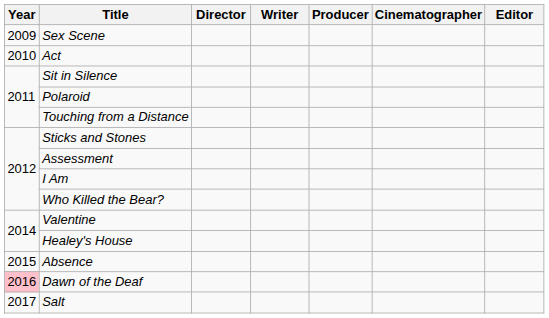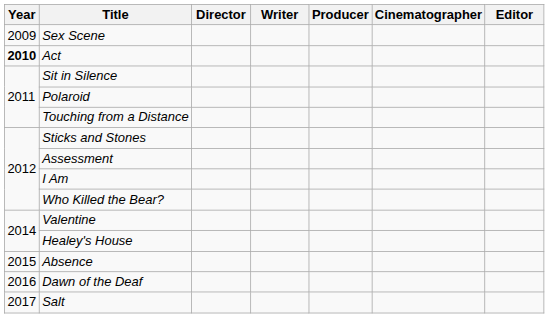 <table class="wikitable sortable">
 <tr>
 <th>Year</th>
 <th>Title</th>
 <th width=65>Director</th>
 <th width=65>Writer</th>
 <th width=65>Producer</th>
 <th width=65>Cinematographer</th>
 <th width=65>Editor</th>
 </tr>
 <tr>
 <td>2009</td>
 <td><em>Sex Scene</em></td>
 <td></td>
 <td></td>
 <td></td>
 <td></td>
 <td></td>
 </tr>
 <tr>
-<td>2010</td>
+<td><strong>2010</strong></td>
 <td><em>Act</em></td>
 <td></td>
 <td></td>
 <td></td>
 <td></td>
 <td></td>
 </tr>
 <tr>
 <td rowspan="3">2011</td>
 <td><em>Sit in Silence</em></td>
 <td></td>
 <td></td>
 <td></td>
 <td></td>
 <td></td>
 </tr>
 <tr>
 <td><em>Polaroid</em></td>
 <td></td>
 <td></td>
 <td></td>
 <td></td>
 <td></td>
 </tr>
 <tr>
 <td><em>Touching from a Distance</em></td>
 <td></td>
 <td></td>
 <td></td>
 <td></td>
 <td></td>
 </tr>
 <tr>
 <td rowspan="4">2012</td>
 <td><em>Sticks and Stones</em></td>
 <td></td>
 <td></td>
 <td></td>
 <td></td>
 <td></td>
 </tr>
 <tr>
 <td><em>Assessment</em></td>
 <td></td>
 <td></td>
 <td></td>
 <td></td>
 <td></td>
 </tr>
 <tr>
 <td><em>I Am</em></td>
 <td></td>
 <td></td>
 <td></td>
 <td></td>
 <td></td>
 </tr>
 <tr>
 <td><em>Who Killed the Bear?</em></td>
 <td></td>
 <td></td>
 <td></td>
 <td></td>
 <td></td>
 </tr>
 <tr>
 <td rowspan="2">2014</td>
 <td><em>Valentine</em></td>
 <td></td>
 <td></td>
 <td></td>
 <td></td>
 <td></td>
 </tr>
 <tr>
 <td><em>Healey's House</em></td>
 <td></td>
 <td></td>
 <td></td>
 <td></td>
 <td></td>
 </tr>
 <tr>
 <td>2015</td>
 <td><em>Absence</em></td>
 <td></td>
 <td></td>
 <td></td>
 <td></td>
 <td></td>
 </tr>
 <tr>
-<td style="background: pink;">2016</td>
+<td>2016</td>
 <td><em>Dawn of the Deaf</em></td>
 <td></td>
 <td></td>
 <td></td>
 <td></td>
 <td></td>
 </tr>
 <tr>
 <td>2017</td>
 <td><em>Salt</em></td>
 <td></td>
 <td></td>
 <td></td>
 <td></td>
 <td></td>
 </tr>
 </table>
